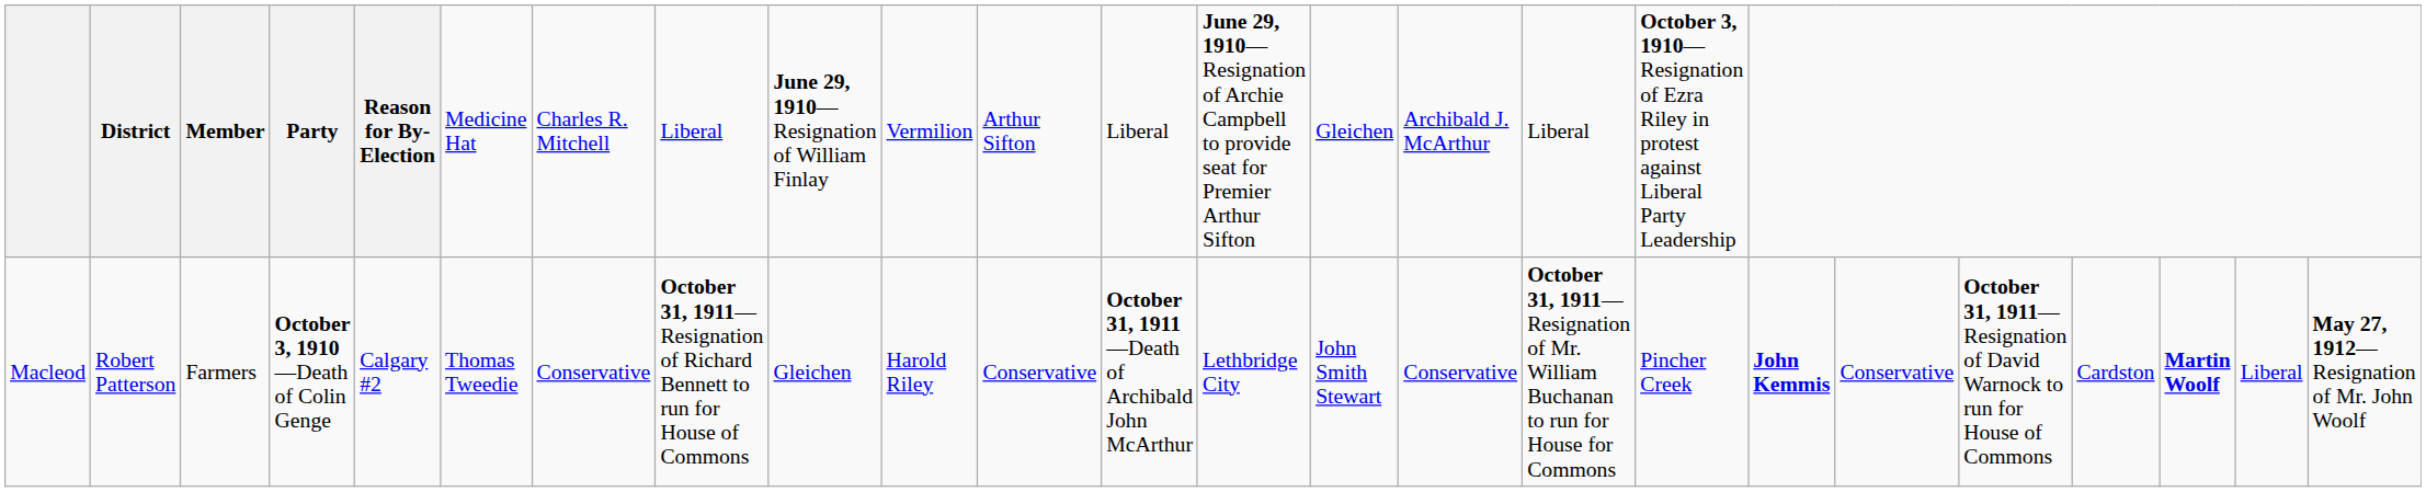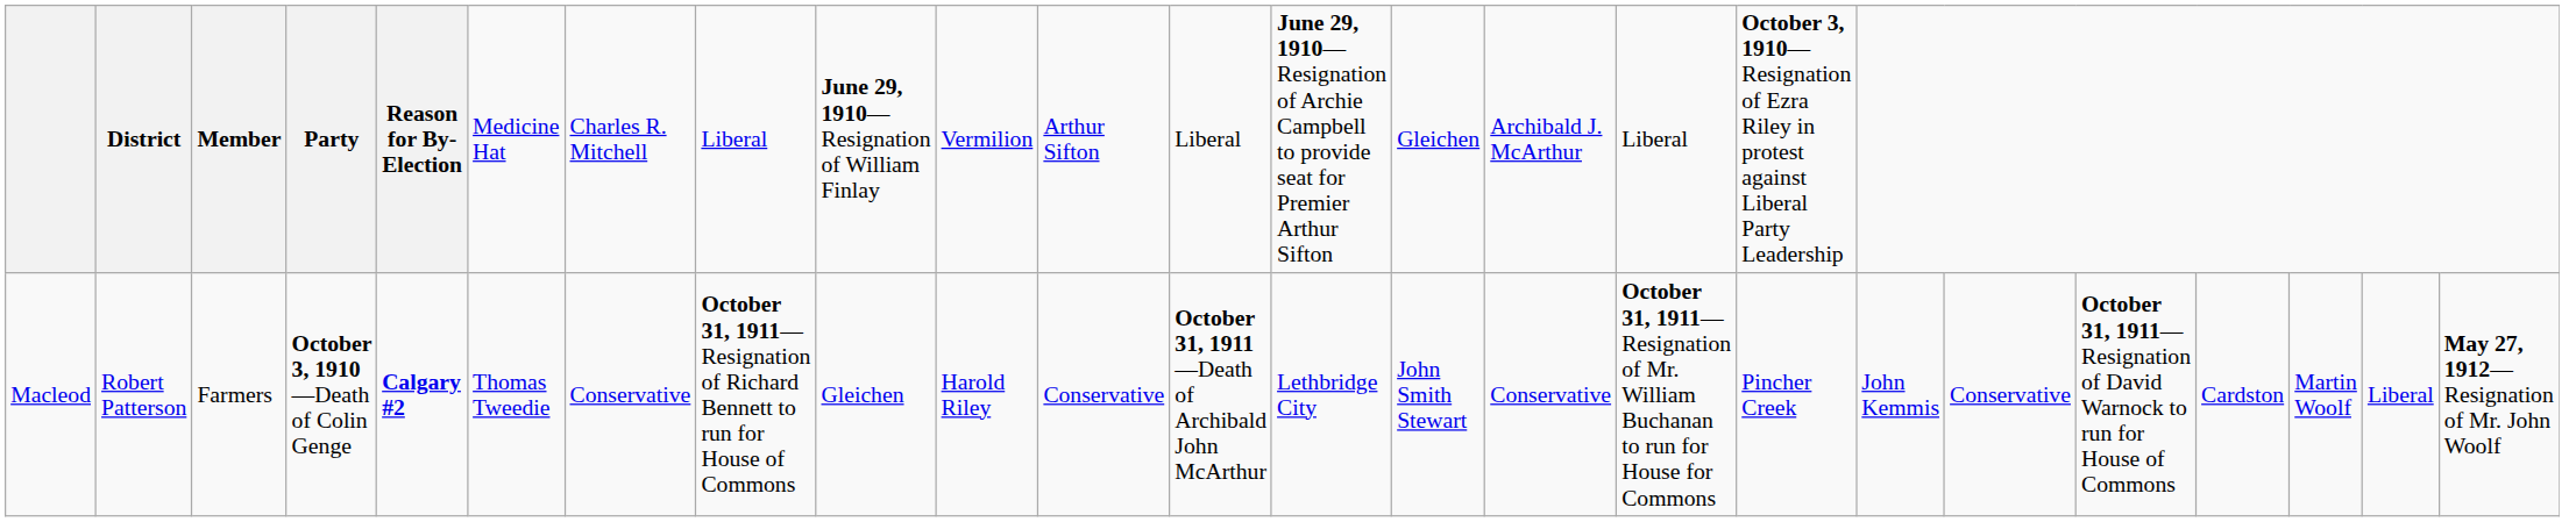 <table class="wikitable">
 <tr>
 <th> </th>
 <th>District</th>
 <th>Member</th>
 <th>Party</th>
 <th>Reason for By-Election<br></th>
 <td><a href='#'>Medicine Hat</a></td>
 <td><a href='#'>Charles R. Mitchell</a></td>
 <td><a href='#'>Liberal</a></td>
 <td><strong>June 29, 1910</strong>—Resignation of William Finlay<br></td>
 <td><a href='#'>Vermilion</a></td>
 <td><a href='#'>Arthur Sifton</a></td>
 <td>Liberal</td>
 <td><strong>June 29, 1910</strong>—Resignation of Archie Campbell to provide seat for Premier Arthur Sifton<br></td>
 <td><a href='#'>Gleichen</a></td>
 <td><a href='#'>Archibald J. McArthur</a></td>
 <td>Liberal</td>
 <td><strong>October 3, 1910</strong>—Resignation of Ezra Riley in protest against Liberal Party Leadership</td>
 </tr>
 <tr>
 <td><a href='#'>Macleod</a></td>
 <td><a href='#'>Robert Patterson</a></td>
 <td>Farmers</td>
 <td><strong>October 3, 1910</strong>—Death of Colin Genge<br></td>
-<td><a href='#'>Calgary #2</a></td>
+<td><strong><a href='#'>Calgary #2</a></strong></td>
 <td><a href='#'>Thomas Tweedie</a></td>
 <td><a href='#'>Conservative</a></td>
 <td><strong>October 31, 1911</strong>—Resignation of Richard Bennett to run for House of Commons<br></td>
 <td><a href='#'>Gleichen</a></td>
 <td><a href='#'>Harold Riley</a></td>
 <td><a href='#'>Conservative</a></td>
 <td><strong>October 31, 1911</strong>—Death of Archibald John McArthur<br></td>
 <td><a href='#'>Lethbridge City</a></td>
 <td><a href='#'>John Smith Stewart</a></td>
 <td><a href='#'>Conservative</a></td>
 <td><strong>October 31, 1911</strong>—Resignation of Mr. William Buchanan to run for House for Commons<br></td>
 <td><a href='#'>Pincher Creek</a></td>
-<td><strong><a href='#'>John Kemmis</a></strong></td>
+<td><a href='#'>John Kemmis</a></td>
 <td><a href='#'>Conservative</a></td>
 <td><strong>October 31, 1911</strong>—Resignation of David Warnock to run for House of Commons<br></td>
 <td><a href='#'>Cardston</a></td>
-<td><strong><a href='#'>Martin Woolf</a></strong></td>
+<td><a href='#'>Martin Woolf</a></td>
 <td><a href='#'>Liberal</a></td>
 <td><strong>May 27, 1912</strong>—Resignation of Mr. John Woolf</td>
 </tr>
 </table>
